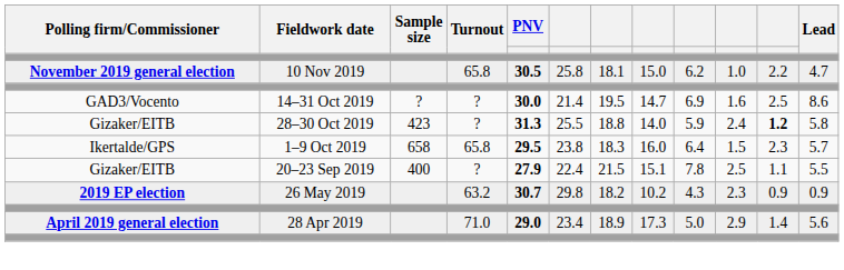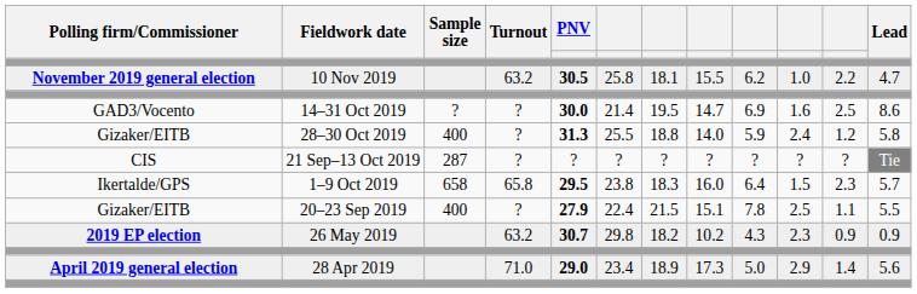 <table class="wikitable collapsible collapsed" style="text-align:center; font-size:95%; line-height:16px;">
 <tr style="height:42px;">
 <th style="width:250px;" rowspan="2">Polling firm/Commissioner</th>
 <th style="width:125px;" rowspan="2">Fieldwork date</th>
 <th style="width:50px;" rowspan="2">Sample size</th>
 <th style="width:45px;" rowspan="2">Turnout</th>
 <th style="width:35px;"><a href='#'>PNV</a></th>
 <th style="width:35px;"></th>
 <th style="width:35px;"></th>
 <th style="width:35px;"></th>
 <th style="width:35px;"></th>
 <th style="width:35px;"></th>
 <th style="width:35px;"></th>
 <th style="width:30px;" rowspan="2">Lead</th>
 </tr>
 <tr>
 <th style="color:inherit;background:"></th>
 <th style="color:inherit;background:"></th>
 <th style="color:inherit;background:"></th>
 <th style="color:inherit;background:"></th>
 <th style="color:inherit;background:"></th>
 <th style="color:inherit;background:"></th>
 <th style="color:inherit;background:"></th>
 </tr>
 <tr>
 <td colspan="12" style="background:#A0A0A0"></td>
 </tr>
 <tr style="background:#EFEFEF;">
 <td><strong><a href='#'>November 2019 general election</a></strong></td>
 <td>10 Nov 2019</td>
 <td></td>
-<td>65.8</td>
+<td>63.2</td>
 <td><strong>30.5</strong><br></td>
 <td>25.8<br></td>
 <td>18.1<br></td>
-<td>15.0<br></td>
+<td>15.5<br></td>
 <td>6.2<br></td>
 <td>1.0<br></td>
 <td>2.2<br></td>
 <td style="background:">4.7</td>
 </tr>
 <tr>
 <td colspan="12" style="background:#A0A0A0"></td>
 </tr>
 <tr>
 <td>GAD3/Vocento</td>
 <td>14–31 Oct 2019</td>
 <td>?</td>
 <td>?</td>
 <td><strong>30.0</strong><br></td>
 <td>21.4<br></td>
 <td>19.5<br></td>
 <td>14.7<br></td>
 <td>6.9<br></td>
 <td>1.6<br></td>
 <td>2.5<br></td>
 <td style="background:">8.6</td>
 </tr>
 <tr>
 <td>Gizaker/EITB</td>
 <td>28–30 Oct 2019</td>
-<td>423</td>
+<td>400</td>
 <td>?</td>
 <td><strong>31.3</strong><br></td>
 <td>25.5<br></td>
 <td>18.8<br></td>
 <td>14.0<br></td>
 <td>5.9<br></td>
 <td>2.4<br></td>
-<td><strong>1.2<br></strong></td>
+<td>1.2<br></td>
 <td style="background:">5.8</td>
+</tr>
+<tr>
+<td>CIS</td>
+<td>21 Sep–13 Oct 2019</td>
+<td>287</td>
+<td>?</td>
+<td>?<br></td>
+<td>?<br></td>
+<td>?<br></td>
+<td>?<br></td>
+<td>?<br></td>
+<td>?<br></td>
+<td>?<br></td>
+<td style="background:gray;color:white;">Tie</td>
 </tr>
 <tr>
 <td>Ikertalde/GPS</td>
 <td>1–9 Oct 2019</td>
 <td>658</td>
 <td>65.8</td>
 <td><strong>29.5</strong><br></td>
 <td>23.8<br></td>
 <td>18.3<br></td>
 <td>16.0<br></td>
 <td>6.4<br></td>
 <td>1.5<br></td>
 <td>2.3<br></td>
 <td style="background:">5.7</td>
 </tr>
 <tr>
 <td>Gizaker/EITB</td>
 <td>20–23 Sep 2019</td>
 <td>400</td>
 <td>?</td>
 <td><strong>27.9</strong><br></td>
 <td>22.4<br></td>
 <td>21.5<br></td>
 <td>15.1<br></td>
 <td>7.8<br></td>
 <td>2.5<br></td>
 <td>1.1<br></td>
 <td style="background:">5.5</td>
 </tr>
 <tr style="background:#EFEFEF;">
 <td><strong><a href='#'>2019 EP election</a></strong></td>
 <td>26 May 2019</td>
 <td></td>
 <td>63.2</td>
 <td><strong>30.7</strong><br></td>
 <td>29.8<br></td>
 <td>18.2<br></td>
 <td>10.2<br></td>
 <td>4.3<br></td>
 <td>2.3<br></td>
 <td>0.9<br></td>
 <td style="background:">0.9</td>
 </tr>
 <tr>
 <td colspan="12" style="background:#A0A0A0"></td>
 </tr>
 <tr style="background:#EFEFEF;">
 <td><strong><a href='#'>April 2019 general election</a></strong></td>
 <td>28 Apr 2019</td>
 <td></td>
 <td>71.0</td>
 <td><strong>29.0</strong><br></td>
 <td>23.4<br></td>
 <td>18.9<br></td>
 <td>17.3<br></td>
 <td>5.0<br></td>
 <td>2.9<br></td>
 <td>1.4<br></td>
 <td style="background:">5.6</td>
 </tr>
 <tr>
 <td colspan="12" style="background:#A0A0A0"></td>
 </tr>
 </table>
